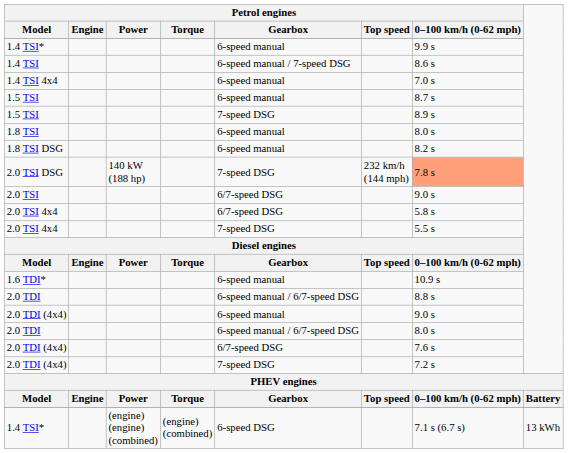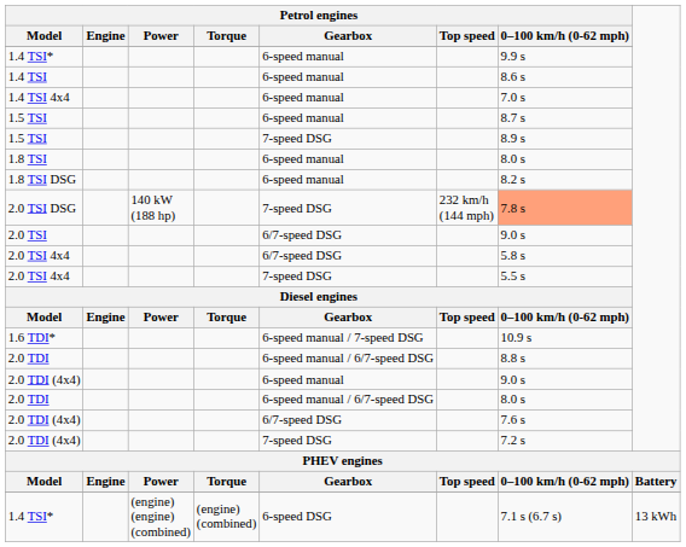 <table class="wikitable sortable collapsible">
 <tr>
 <th colspan="7" style="text-align:center">Petrol engines</th>
 </tr>
 <tr>
 <th>Model</th>
 <th>Engine</th>
 <th>Power</th>
 <th>Torque</th>
 <th>Gearbox</th>
 <th>Top speed</th>
 <th>0–100 km/h (0-62 mph)</th>
 </tr>
 <tr style="text-align:center">
 </tr>
 <tr>
 <td>1.4 <a href='#'>TSI</a>*</td>
 <td></td>
 <td></td>
 <td></td>
 <td>6-speed manual</td>
 <td></td>
 <td>9.9 s</td>
 </tr>
 <tr>
 <td>1.4 <a href='#'>TSI</a></td>
 <td></td>
 <td></td>
 <td></td>
-<td>6-speed manual / 7-speed DSG</td>
+<td>6-speed manual</td>
 <td></td>
 <td>8.6 s</td>
 </tr>
 <tr>
 <td>1.4 <a href='#'>TSI</a> 4x4</td>
 <td></td>
 <td></td>
 <td></td>
 <td>6-speed manual</td>
 <td></td>
 <td>7.0 s</td>
 </tr>
 <tr>
 <td>1.5 <a href='#'>TSI</a></td>
 <td></td>
 <td></td>
 <td></td>
 <td>6-speed manual</td>
 <td></td>
 <td>8.7 s</td>
 </tr>
 <tr>
 <td>1.5 <a href='#'>TSI</a></td>
 <td></td>
 <td></td>
 <td></td>
 <td>7-speed DSG</td>
 <td></td>
 <td>8.9 s</td>
 </tr>
 <tr>
 <td>1.8 <a href='#'>TSI</a></td>
 <td></td>
 <td></td>
 <td></td>
 <td>6-speed manual</td>
 <td></td>
 <td>8.0 s</td>
 </tr>
 <tr>
 <td>1.8 <a href='#'>TSI</a> DSG</td>
 <td></td>
 <td></td>
 <td></td>
 <td>6-speed manual</td>
 <td></td>
 <td>8.2 s</td>
 </tr>
 <tr>
 <td>2.0 <a href='#'>TSI</a> DSG</td>
 <td></td>
 <td>140 kW<br>(188 hp)</td>
 <td></td>
 <td>7-speed DSG</td>
 <td>232 km/h<br>(144 mph)</td>
 <td style="background: lightsalmon;">7.8 s</td>
 </tr>
 <tr>
 <td>2.0 <a href='#'>TSI</a></td>
 <td></td>
 <td></td>
 <td></td>
 <td>6/7-speed DSG</td>
 <td></td>
 <td>9.0 s</td>
 </tr>
 <tr>
 <td>2.0 <a href='#'>TSI</a> 4x4</td>
 <td></td>
 <td></td>
 <td></td>
 <td>6/7-speed DSG</td>
 <td></td>
 <td>5.8 s</td>
 </tr>
 <tr>
 <td>2.0 <a href='#'>TSI</a> 4x4</td>
 <td></td>
 <td></td>
 <td></td>
 <td>7-speed DSG</td>
 <td></td>
 <td>5.5 s</td>
 </tr>
 <tr>
 <th colspan="7" style="text-align:center">Diesel engines</th>
 </tr>
 <tr>
 <th>Model</th>
 <th>Engine</th>
 <th>Power</th>
 <th>Torque</th>
 <th>Gearbox</th>
 <th>Top speed</th>
 <th>0–100 km/h (0-62 mph)</th>
 </tr>
 <tr>
 <td>1.6 <a href='#'>TDI</a>*</td>
 <td></td>
 <td></td>
 <td></td>
-<td>6-speed manual</td>
+<td>6-speed manual / 7-speed DSG</td>
 <td></td>
 <td>10.9 s</td>
 </tr>
 <tr>
 <td>2.0 <a href='#'>TDI</a></td>
 <td></td>
 <td></td>
 <td></td>
 <td>6-speed manual / 6/7-speed DSG</td>
 <td></td>
 <td>8.8 s</td>
 </tr>
 <tr>
 <td>2.0 <a href='#'>TDI</a> (4x4)</td>
 <td></td>
 <td></td>
 <td></td>
 <td>6-speed manual</td>
 <td></td>
 <td>9.0 s</td>
 </tr>
 <tr>
 <td>2.0 <a href='#'>TDI</a></td>
 <td></td>
 <td></td>
 <td></td>
 <td>6-speed manual / 6/7-speed DSG</td>
 <td></td>
 <td>8.0 s</td>
 </tr>
 <tr>
 <td>2.0 <a href='#'>TDI</a> (4x4)</td>
 <td></td>
 <td></td>
 <td></td>
 <td>6/7-speed DSG</td>
 <td></td>
 <td>7.6 s</td>
 </tr>
 <tr>
 <td>2.0 <a href='#'>TDI</a> (4x4)</td>
 <td></td>
 <td></td>
 <td></td>
 <td>7-speed DSG</td>
 <td></td>
 <td>7.2 s</td>
 </tr>
 <tr>
 <th colspan="8" style="text-align:center">PHEV engines</th>
 </tr>
 <tr>
 <th>Model</th>
 <th>Engine</th>
 <th>Power</th>
 <th>Torque</th>
 <th>Gearbox</th>
 <th>Top speed</th>
 <th>0–100 km/h (0-62 mph)</th>
 <th>Battery</th>
 </tr>
 <tr style="text-align:center">
 </tr>
 <tr>
 <td>1.4 <a href='#'>TSI</a>*</td>
 <td></td>
 <td> (engine)<br> (engine)<br> (combined)</td>
 <td> (engine)<br> (combined)</td>
 <td>6-speed DSG</td>
 <td></td>
 <td>7.1 s (6.7 s)</td>
 <td>13 kWh</td>
 </tr>
 </table>
